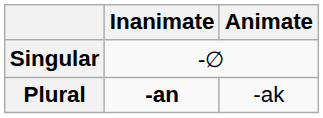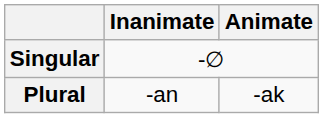 <table class="wikitable" style="text-align:center">
 <tr>
 <th></th>
 <th>Inanimate</th>
 <th>Animate</th>
 </tr>
 <tr>
 <th>Singular</th>
 <td colspan=2>-∅</td>
 </tr>
 <tr>
 <th>Plural</th>
-<td><strong>-an</strong></td>
+<td>-an</td>
 <td>-ak</td>
 </tr>
 </table>
